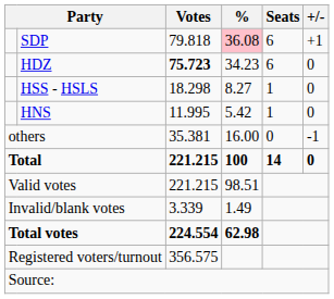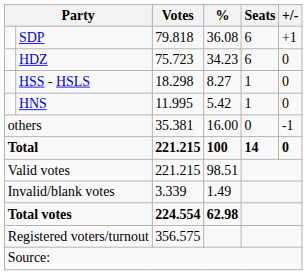 <table class="wikitable" style="text-align: left;">
 <tr>
 <th colspan="2">Party</th>
 <th>Votes</th>
 <th>%</th>
 <th>Seats</th>
 <th>+/-</th>
 </tr>
 <tr>
 <td style="background-color: "></td>
 <td><a href='#'>SDP</a></td>
 <td>79.818</td>
-<td style="background: pink;">36.08</td>
+<td>36.08</td>
 <td>6</td>
 <td>+1</td>
 </tr>
 <tr>
 <td style="background-color: "></td>
 <td><a href='#'>HDZ</a></td>
-<td><strong>75.723</strong></td>
+<td>75.723</td>
 <td>34.23</td>
 <td>6</td>
 <td>0</td>
 </tr>
 <tr>
 <td style="background-color: "></td>
 <td><a href='#'>HSS</a> - <a href='#'>HSLS</a></td>
 <td>18.298</td>
 <td>8.27</td>
 <td>1</td>
 <td>0</td>
 </tr>
 <tr>
 <td style="background-color: "></td>
 <td><a href='#'>HNS</a></td>
 <td>11.995</td>
 <td>5.42</td>
 <td>1</td>
 <td>0</td>
 </tr>
 <tr>
 <td colspan="2">others</td>
 <td>35.381</td>
 <td>16.00</td>
 <td>0</td>
 <td>-1</td>
 </tr>
 <tr>
 <td colspan="2"><strong>Total</strong></td>
 <td><strong>221.215</strong></td>
 <td><strong>100</strong></td>
 <td><strong>14</strong></td>
 <td><strong>0</strong></td>
 </tr>
 <tr>
 <td colspan="2">Valid votes</td>
 <td>221.215</td>
 <td>98.51</td>
 <td colspan="2"></td>
 </tr>
 <tr>
 <td colspan="2">Invalid/blank votes</td>
 <td>3.339</td>
 <td>1.49</td>
 <td colspan="2"></td>
 </tr>
 <tr>
 <td colspan="2"><strong>Total votes</strong></td>
 <td><strong>224.554</strong></td>
 <td><strong>62.98</strong></td>
 <td colspan="2"></td>
 </tr>
 <tr>
 <td colspan="2">Registered voters/turnout</td>
 <td votes14="5343">356.575</td>
 <td></td>
 <td colspan="2"></td>
 </tr>
 <tr>
 <td colspan="6">Source: </td>
 </tr>
 </table>
